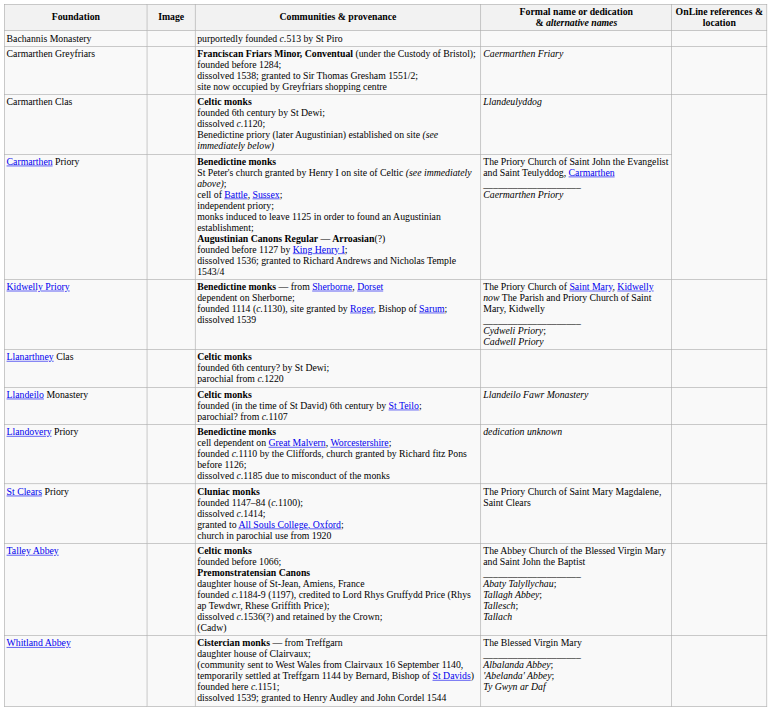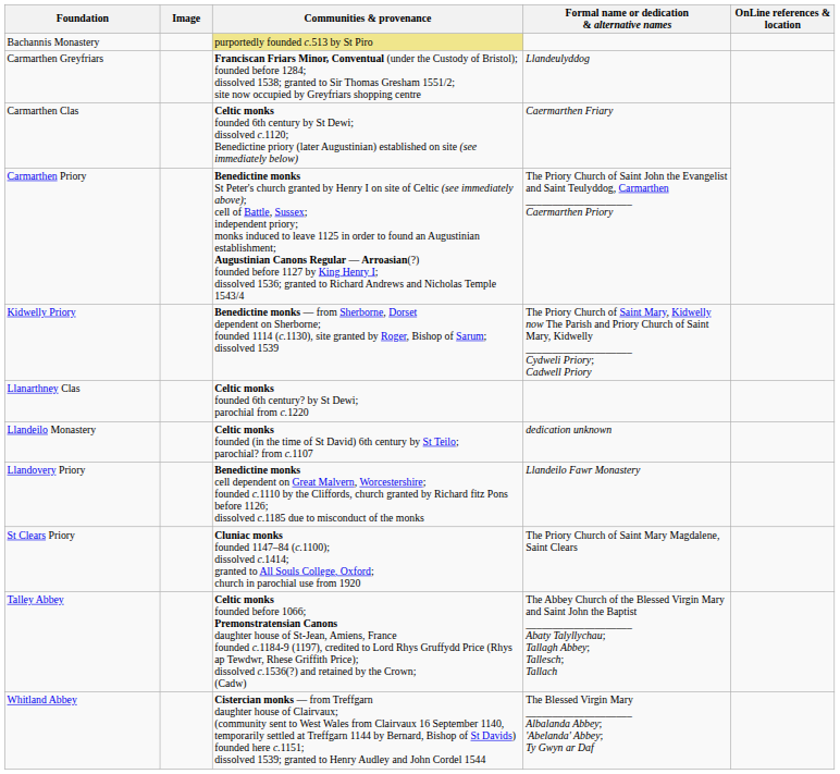 <table style="width:99%;" class="wikitable">
 <tr>
 <th style="width:15%;">Foundation</th>
 <th style="width:5%;">Image</th>
 <th style="width:30%;">Communities & provenance</th>
 <th style="width:20%;">Formal name or dedication <br>& <em>alternative names</em></th>
 <th style="width:10%;">OnLine references & location</th>
 </tr>
 <tr valign=top>
 <td>Bachannis Monastery</td>
 <td></td>
-<td>purportedly founded <em>c.</em>513 by St Piro</td>
+<td style="background: khaki;">purportedly founded <em>c.</em>513 by St Piro</td>
 <td></td>
 <td></td>
 </tr>
 <tr valign=top>
 <td>Carmarthen Greyfriars</td>
 <td></td>
 <td><strong>Franciscan Friars Minor, Conventual</strong> (under the Custody of Bristol);<br>founded before 1284;<br>dissolved 1538; granted to Sir Thomas Gresham 1551/2;<br>site now occupied by Greyfriars shopping centre</td>
-<td><em>Caermarthen Friary</em></td>
+<td><em>Llandeulyddog</em></td>
 <td><br><br></td>
 </tr>
 <tr valign=top>
 <td>Carmarthen Clas</td>
 <td></td>
 <td><strong>Celtic monks</strong><br>founded 6th century by St Dewi;<br>dissolved <em>c.</em>1120;<br>Benedictine priory (later Augustinian) established on site <em>(see immediately below)</em></td>
-<td><em>Llandeulyddog</em></td>
+<td><em>Caermarthen Friary</em></td>
 <td rowspan=2><br><br></td>
 </tr>
 <tr valign=top>
 <td><a href='#'>Carmarthen</a> Priory</td>
 <td></td>
 <td><strong>Benedictine monks</strong><br>St Peter's church granted by Henry I on site of Celtic <a href='#'></a> <em>(see immediately above)</em>;<br>cell of <a href='#'>Battle</a>, <a href='#'>Sussex</a>;<br>independent priory;<br>monks induced to leave 1125 in order to found an Augustinian establishment;<br><strong>Augustinian Canons Regular — Arroasian</strong>(?)<br>founded before 1127 by <a href='#'>King Henry I</a>;<br>dissolved 1536; granted to Richard Andrews and Nicholas Temple 1543/4</td>
 <td>The Priory Church of Saint John the Evangelist and Saint Teulyddog, <a href='#'>Carmarthen</a><br>____________________<br><em>Caermarthen Priory</em></td>
 </tr>
 <tr valign=top>
 <td><a href='#'>Kidwelly Priory</a></td>
 <td></td>
 <td><strong>Benedictine monks</strong> — from <a href='#'>Sherborne</a>, <a href='#'>Dorset</a><br>dependent on Sherborne;<br>founded 1114 (<em>c.</em>1130), site granted by <a href='#'>Roger</a>, Bishop of <a href='#'>Sarum</a>;<br>dissolved 1539</td>
 <td>The Priory Church of <a href='#'>Saint Mary</a>, <a href='#'>Kidwelly</a><br><em>now</em> The Parish and Priory Church of Saint Mary, Kidwelly <br>____________________<br><em>Cydweli Priory</em>;<br><em>Cadwell Priory</em></td>
 <td><br><br></td>
 </tr>
 <tr valign=top>
 <td><a href='#'>Llanarthney</a> Clas</td>
 <td></td>
 <td><strong>Celtic monks</strong><br>founded 6th century? by St Dewi;<br>parochial from <em>c.</em>1220</td>
 <td></td>
 <td><br><br></td>
 </tr>
 <tr valign=top>
 <td><a href='#'>Llandeilo</a> Monastery</td>
 <td></td>
 <td><strong>Celtic monks</strong><br>founded (in the time of St David) 6th century by <a href='#'>St Teilo</a>;<br>parochial? from <em>c.</em>1107</td>
-<td><em>Llandeilo Fawr Monastery</em></td>
+<td><em>dedication unknown</em></td>
 <td><br><br></td>
 </tr>
 <tr valign=top>
 <td><a href='#'>Llandovery</a> Priory</td>
 <td></td>
 <td><strong>Benedictine monks</strong><br>cell dependent on <a href='#'>Great Malvern</a>, <a href='#'>Worcestershire</a>;<br>founded <em>c.</em>1110 by the Cliffords, church granted by Richard fitz Pons before 1126;<br>dissolved <em>c.</em>1185 due to misconduct of the monks</td>
-<td><em>dedication unknown</em></td>
+<td><em>Llandeilo Fawr Monastery</em></td>
 <td><br><br></td>
 </tr>
 <tr valign=top>
 <td><a href='#'>St Clears</a> Priory</td>
 <td></td>
 <td><strong>Cluniac monks</strong><br>founded 1147–84 (<em>c.</em>1100);<br>dissolved <em>c.</em>1414;<br>granted to <a href='#'>All Souls College, Oxford</a>;<br>church in parochial use from 1920</td>
 <td>The Priory Church of Saint Mary Magdalene, Saint Clears</td>
 <td><br><br></td>
 </tr>
 <tr valign=top>
 <td><a href='#'>Talley Abbey</a></td>
 <td></td>
 <td><strong>Celtic monks</strong><br> founded before 1066;<br><strong>Premonstratensian Canons</strong><br>daughter house of St-Jean, Amiens, France<br>founded <em>c.</em>1184-9 (1197), credited to Lord Rhys Gruffydd Price (Rhys ap Tewdwr, Rhese Griffith Price);<br>dissolved <em>c.</em>1536(?) and retained by the Crown;<br>(Cadw)</td>
 <td>The Abbey Church of the Blessed Virgin Mary and Saint John the Baptist<br>____________________<br><em>Abaty Talyllychau</em>;<br><em>Tallagh Abbey</em>;<br><em>Tallesch</em>;<br><em>Tallach</em></td>
 <td><br><br></td>
 </tr>
 <tr valign=top>
 <td><a href='#'>Whitland Abbey</a></td>
 <td></td>
 <td><strong>Cistercian monks</strong> — from Treffgarn<br>daughter house of Clairvaux;<br>(community sent to West Wales from Clairvaux 16 September 1140, temporarily settled at Treffgarn 1144 by Bernard, Bishop of <a href='#'>St Davids</a>)<br>founded here <em>c.</em>1151;<br>dissolved 1539; granted to Henry Audley and John Cordel 1544</td>
 <td>The Blessed Virgin Mary<br>____________________<br><em>Albalanda Abbey</em>;<br><em> 'Abelanda' Abbey</em>;<br><em>Ty Gwyn ar Daf</em></td>
 <td><br><br></td>
 </tr>
 </table>
